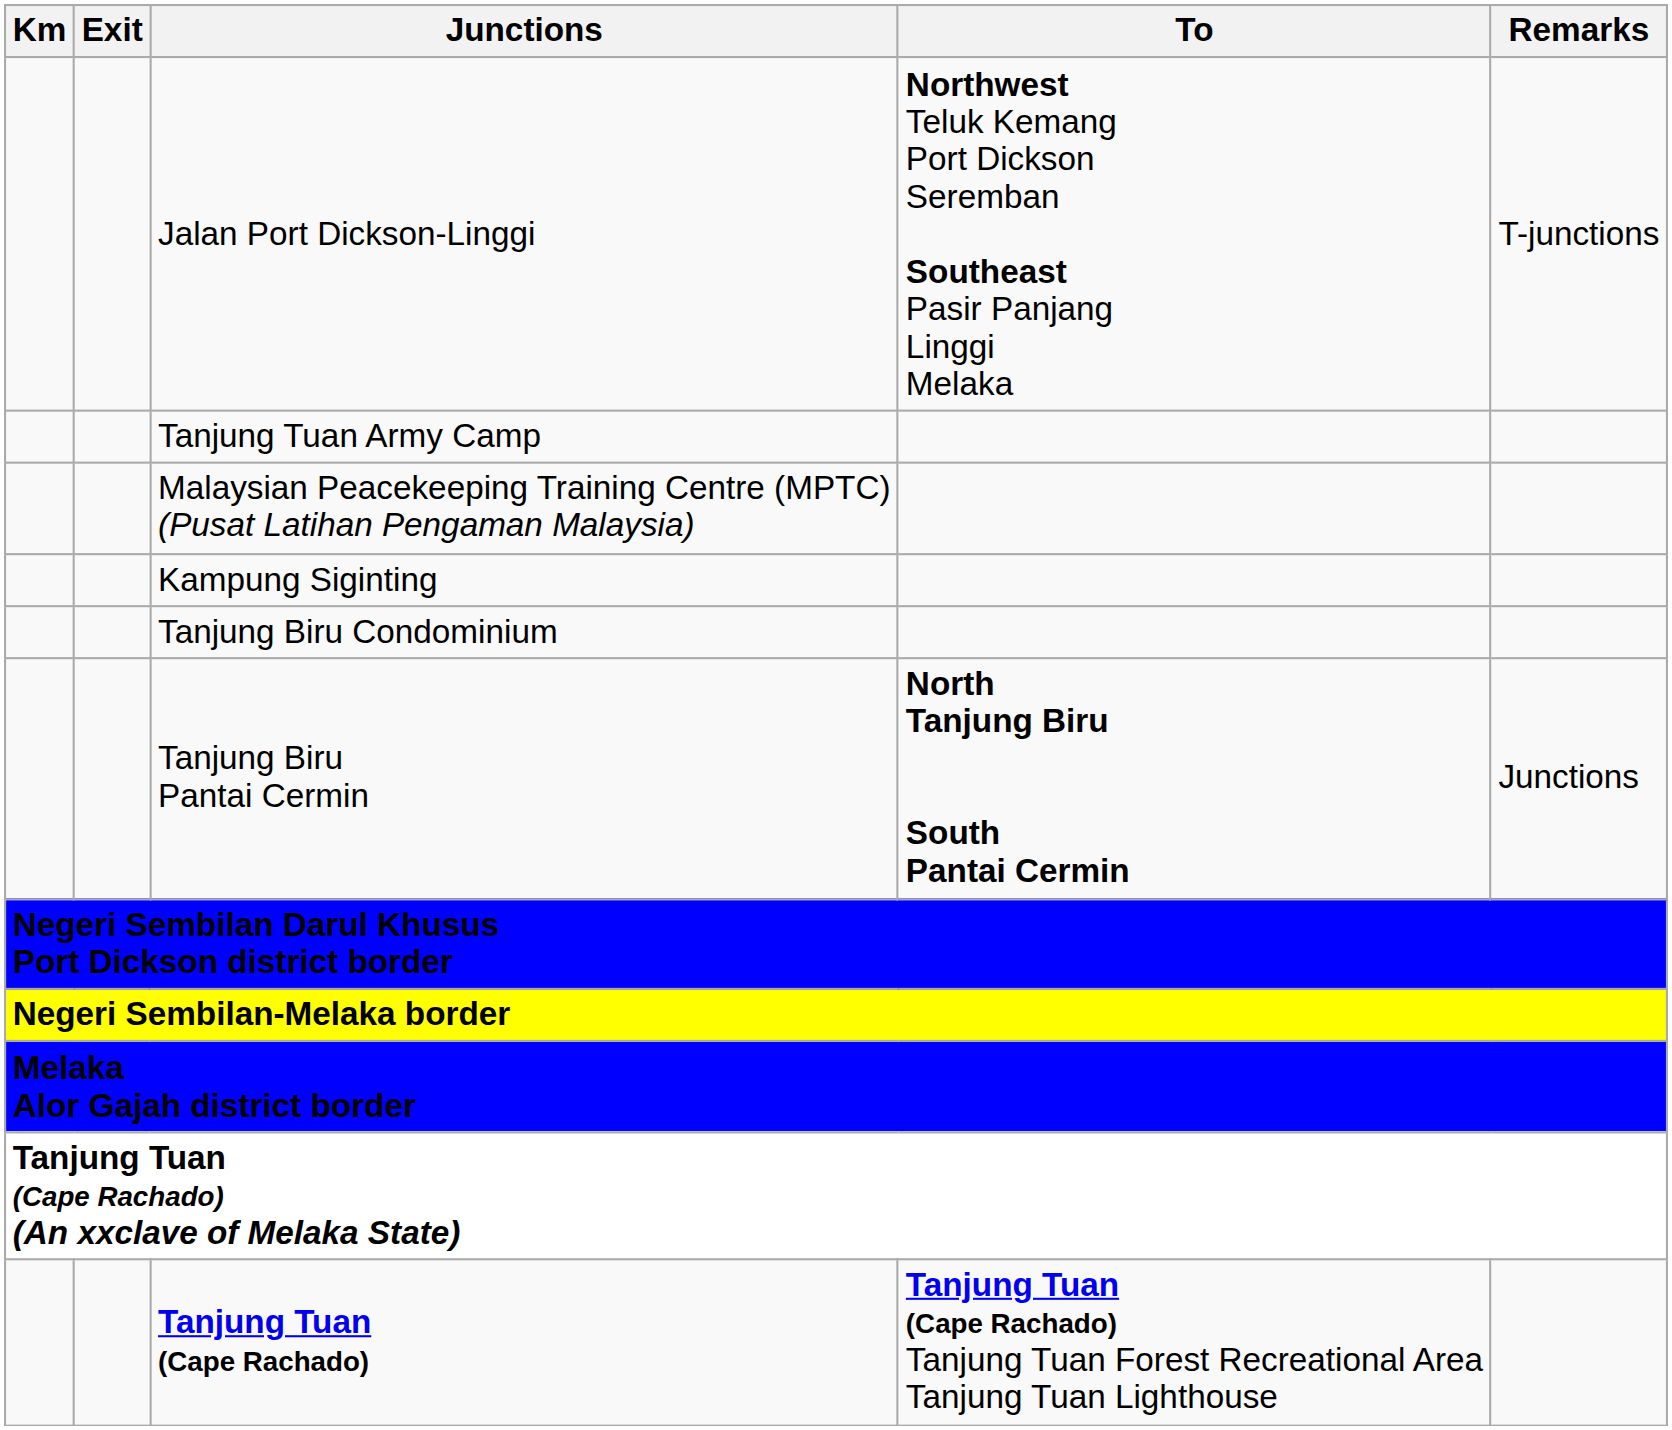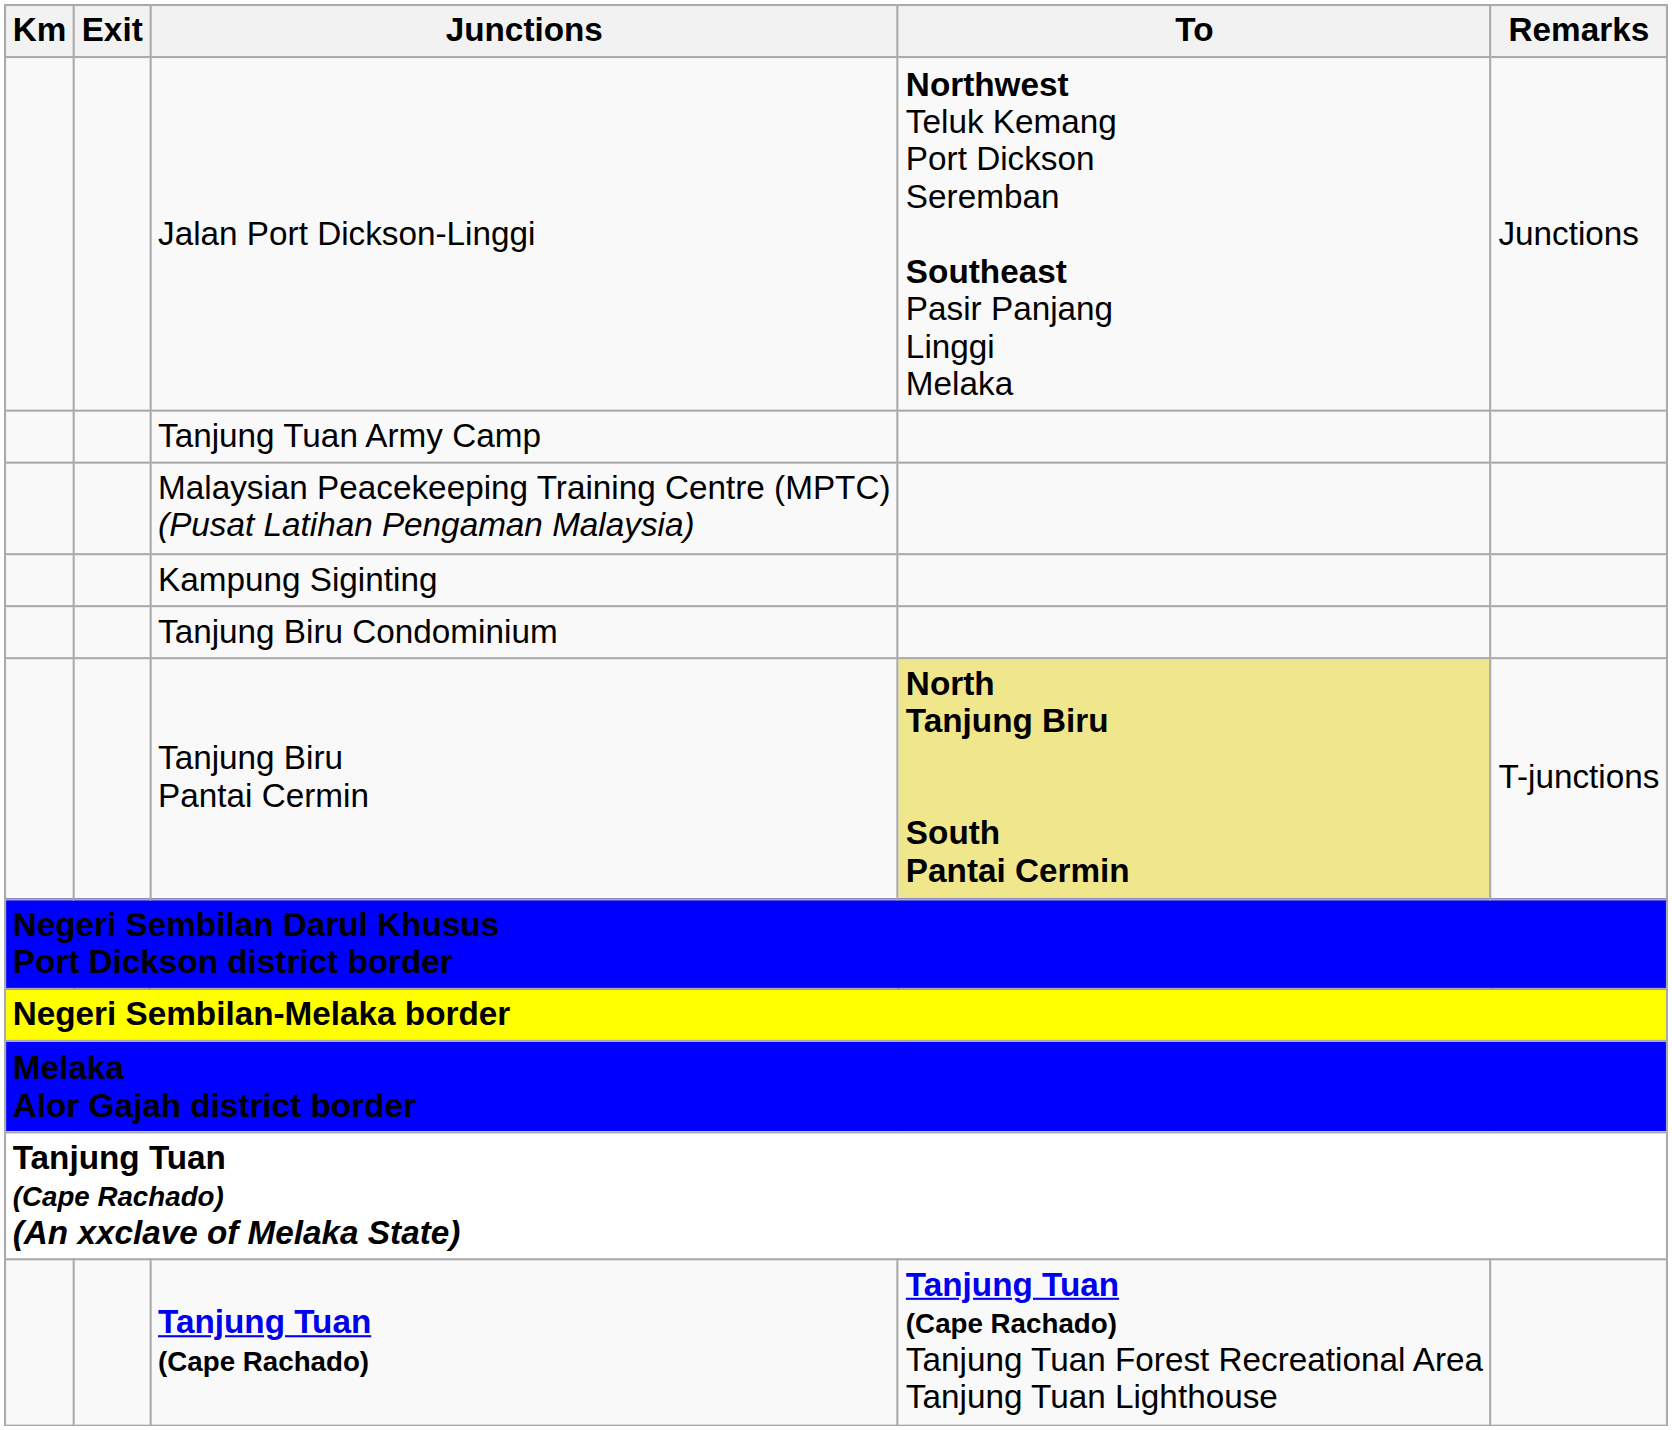 <table class="wikitable">
 <tr>
 <th>Km</th>
 <th>Exit</th>
 <th>Junctions</th>
 <th>To</th>
 <th>Remarks</th>
 </tr>
 <tr>
 <td></td>
 <td></td>
 <td> Jalan Port Dickson-Linggi</td>
 <td><strong>Northwest</strong><br> Teluk Kemang<br> Port Dickson<br> Seremban<br><br><strong>Southeast</strong><br> Pasir Panjang<br> Linggi<br> Melaka</td>
-<td>T-junctions</td>
+<td>Junctions</td>
 </tr>
 <tr>
 <td></td>
 <td></td>
 <td>Tanjung Tuan Army Camp</td>
 <td></td>
 <td></td>
 </tr>
 <tr>
 <td></td>
 <td></td>
 <td>Malaysian Peacekeeping Training Centre (MPTC)<br><em>(Pusat Latihan Pengaman Malaysia)</em></td>
 <td></td>
 <td></td>
 </tr>
 <tr>
 <td></td>
 <td></td>
 <td>Kampung Siginting</td>
 <td></td>
 <td></td>
 </tr>
 <tr>
 <td></td>
 <td></td>
 <td>Tanjung Biru Condominium</td>
 <td></td>
 <td></td>
 </tr>
 <tr>
 <td></td>
 <td></td>
 <td>Tanjung Biru<br>Pantai Cermin</td>
-<td><strong>North</strong><br><strong>Tanjung Biru</strong> <br>  <br><br><strong>South</strong><br><strong>Pantai Cermin</strong> <br>  </td>
-<td>Junctions</td>
+<td style="background: khaki;"><strong>North</strong><br><strong>Tanjung Biru</strong> <br>  <br><br><strong>South</strong><br><strong>Pantai Cermin</strong> <br>  </td>
+<td>T-junctions</td>
 </tr>
 <tr>
 <td style="width:600px" colspan="6" style="text-align:center" bgcolor="blue"><strong><span>Negeri Sembilan Darul Khusus<br>Port Dickson district border</span></strong></td>
 </tr>
 <tr>
 <td style="width:600px" colspan="6" style="text-align:center" bgcolor="yellow"><strong><span>Negeri Sembilan-Melaka border</span></strong></td>
 </tr>
 <tr>
 <td style="width:600px" colspan="6" style="text-align:center" bgcolor="blue"><strong><span>Melaka<br>Alor Gajah district border</span></strong></td>
 </tr>
 <tr>
 <td style="width:600px" colspan="6" style="text-align:center" bgcolor="white"><strong><span>Tanjung Tuan<br><small><em>(Cape Rachado)</em></small><br><em>(An xxclave of Melaka State)</em></span></strong></td>
 </tr>
 <tr>
 <td></td>
 <td></td>
 <td><strong><a href='#'>Tanjung Tuan</a></strong><br><small><strong>(Cape Rachado)</strong></small></td>
 <td><strong><a href='#'>Tanjung Tuan</a></strong><br><small><strong>(Cape Rachado)</strong></small><br>Tanjung Tuan Forest Recreational Area<br>Tanjung Tuan Lighthouse<br> </td>
 <td></td>
 </tr>
 </table>
